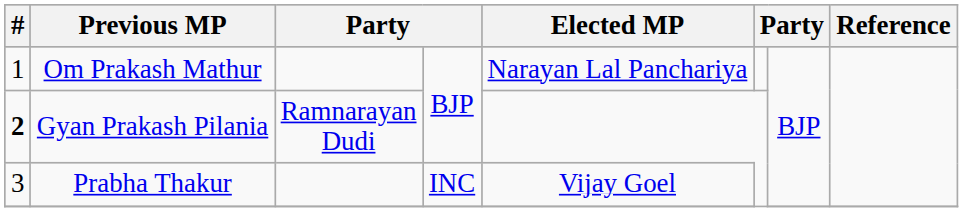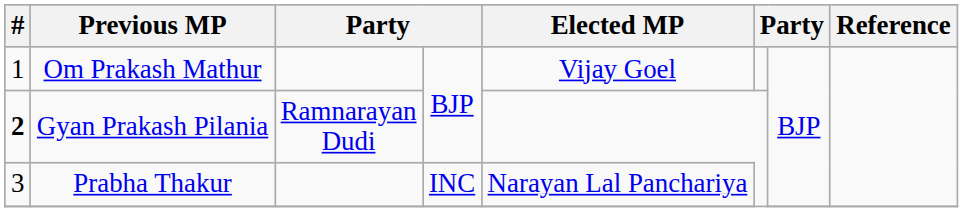 <table class="wikitable">
 <tr>
 <th>#</th>
 <th>Previous MP</th>
 <th colspan=2>Party</th>
 <th>Elected MP</th>
 <th colspan=2>Party</th>
 <th>Reference</th>
 </tr>
 <tr style="text-align:center;">
 <td>1</td>
 <td><a href='#'>Om Prakash Mathur</a></td>
 <td width="1px"></td>
 <td rowspan=2><a href='#'>BJP</a></td>
-<td><a href='#'>Narayan Lal Panchariya</a></td>
+<td><a href='#'>Vijay Goel</a></td>
 <td width="1px"></td>
 <td rowspan=3><a href='#'>BJP</a></td>
 <td rowspan=3></td>
 </tr>
 <tr style="text-align:center;">
 <td><strong>2</strong></td>
 <td><a href='#'>Gyan Prakash Pilania</a></td>
 <td><a href='#'>Ramnarayan Dudi</a></td>
 </tr>
 <tr style="text-align:center;">
 <td>3</td>
 <td><a href='#'>Prabha Thakur</a></td>
 <td></td>
 <td><a href='#'>INC</a></td>
-<td><a href='#'>Vijay Goel</a></td>
+<td><a href='#'>Narayan Lal Panchariya</a></td>
 </tr>
 <tr style="text-align:center;">
 </tr>
 </table>
